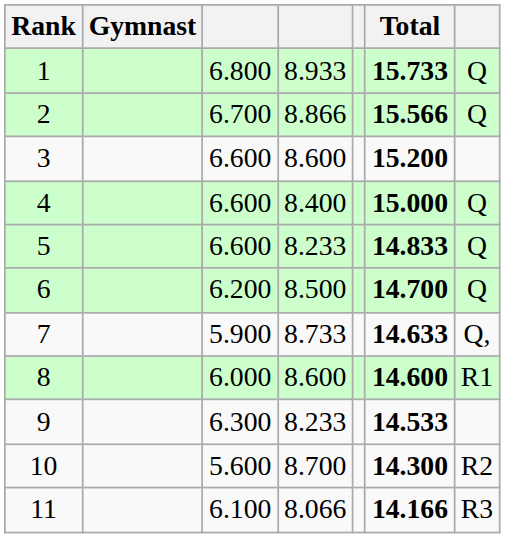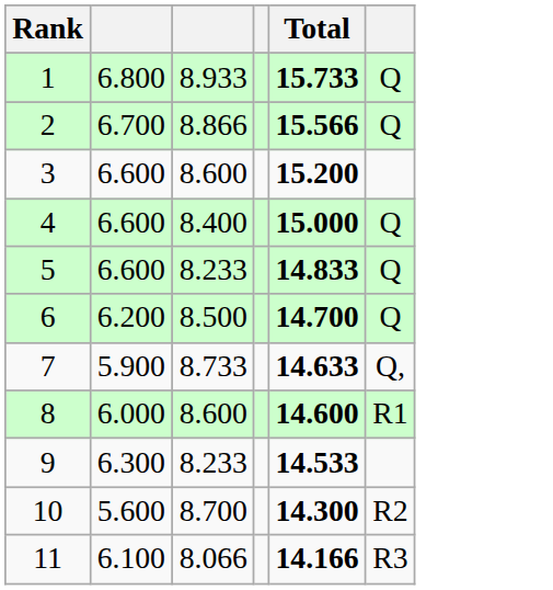 <table class="wikitable sortable" style="text-align:center">
 <tr>
 <th>Rank</th>
-<th>Gymnast</th>
 <th><small></small></th>
 <th><small></small></th>
 <th><small></small></th>
 <th>Total</th>
 <th><small></small></th>
 </tr>
 <tr bgcolor=ccffcc>
 <td>1</td>
-<td align=left></td>
 <td>6.800</td>
 <td>8.933</td>
 <td></td>
 <td><strong>15.733</strong></td>
 <td>Q</td>
 </tr>
 <tr bgcolor=ccffcc>
 <td>2</td>
-<td align=left></td>
 <td>6.700</td>
 <td>8.866</td>
 <td></td>
 <td><strong>15.566</strong></td>
 <td>Q</td>
 </tr>
 <tr>
 <td>3</td>
-<td align=left></td>
 <td>6.600</td>
 <td>8.600</td>
 <td></td>
 <td><strong>15.200</strong></td>
 <td></td>
 </tr>
 <tr bgcolor=ccffcc>
 <td>4</td>
-<td align=left></td>
 <td>6.600</td>
 <td>8.400</td>
 <td></td>
 <td><strong>15.000</strong></td>
 <td>Q</td>
 </tr>
 <tr bgcolor=ccffcc>
 <td>5</td>
-<td align=left></td>
 <td>6.600</td>
 <td>8.233</td>
 <td></td>
 <td><strong>14.833</strong></td>
 <td>Q</td>
 </tr>
 <tr bgcolor=ccffcc>
 <td>6</td>
-<td align=left></td>
 <td>6.200</td>
 <td>8.500</td>
 <td></td>
 <td><strong>14.700</strong></td>
 <td>Q</td>
 </tr>
 <tr>
 <td>7</td>
-<td align=left></td>
 <td>5.900</td>
 <td>8.733</td>
 <td></td>
 <td><strong>14.633</strong></td>
 <td>Q, </td>
 </tr>
 <tr bgcolor=ccffcc>
 <td>8</td>
-<td align=left></td>
 <td>6.000</td>
 <td>8.600</td>
 <td></td>
 <td><strong>14.600</strong></td>
 <td>R1</td>
 </tr>
 <tr>
 <td>9</td>
-<td align=left></td>
 <td>6.300</td>
 <td>8.233</td>
 <td></td>
 <td><strong>14.533</strong></td>
 <td></td>
 </tr>
 <tr>
 <td>10</td>
-<td align=left></td>
 <td>5.600</td>
 <td>8.700</td>
 <td></td>
 <td><strong>14.300</strong></td>
 <td>R2</td>
 </tr>
 <tr>
 <td>11</td>
-<td align=left></td>
 <td>6.100</td>
 <td>8.066</td>
 <td></td>
 <td><strong>14.166</strong></td>
 <td>R3</td>
 </tr>
 </table>
